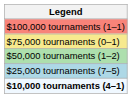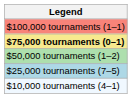 <table class="wikitable" style="font-size:85%">
 <tr>
 <th>Legend</th>
 </tr>
 <tr style="background:#f88379;">
 <td>$100,000 tournaments (1–1)</td>
 </tr>
 <tr style="background:#f7e98e;">
-<td>$75,000 tournaments (0–1)</td>
+<td><strong>$75,000 tournaments (0–1)</strong></td>
 </tr>
 <tr style="background:#addfad;">
 <td>$50,000 tournaments (1–2)</td>
 </tr>
 <tr style="background:lightblue;">
 <td>$25,000 tournaments (7–5)</td>
 </tr>
 <tr style="background:#f0f8ff;">
-<td><strong>$10,000 tournaments (4–1)</strong></td>
+<td>$10,000 tournaments (4–1)</td>
 </tr>
 </table>
